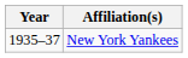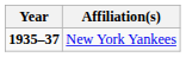 <table class=wikitable>
 <tr>
 <th>Year</th>
 <th>Affiliation(s)</th>
 </tr>
 <tr>
-<td>1935–37</td>
+<td><strong>1935–37</strong></td>
 <td><a href='#'>New York Yankees</a></td>
 </tr>
 </table>
